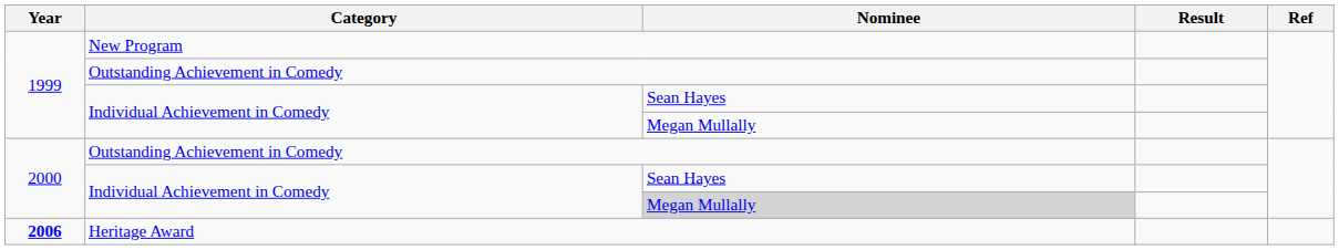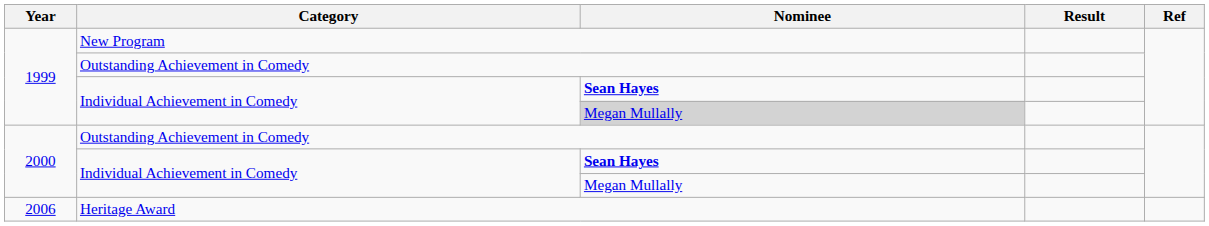 <table class="wikitable" style="width:100%;">
 <tr>
 <th style="width:6%;">Year</th>
 <th style="width:42%;">Category</th>
 <th style="width:37%;">Nominee</th>
 <th style="width:10%;">Result</th>
 <th style="width:5%;">Ref</th>
 </tr>
 <tr>
 <td rowspan="4" style="text-align:center;"><a href='#'>1999</a></td>
 <td colspan="2"><a href='#'>New Program</a></td>
 <td></td>
 <td rowspan="4" style="text-align:center;"></td>
 </tr>
 <tr>
 <td colspan="2"><a href='#'>Outstanding Achievement in Comedy</a></td>
 <td></td>
 </tr>
 <tr>
 <td rowspan="2"><a href='#'>Individual Achievement in Comedy</a></td>
-<td><a href='#'>Sean Hayes</a></td>
+<td><strong><a href='#'>Sean Hayes</a></strong></td>
 <td></td>
 </tr>
 <tr>
-<td><a href='#'>Megan Mullally</a></td>
+<td style="background: lightgrey;"><a href='#'>Megan Mullally</a></td>
 <td></td>
 </tr>
 <tr>
 <td rowspan="3" style="text-align:center;"><a href='#'>2000</a></td>
 <td colspan="2"><a href='#'>Outstanding Achievement in Comedy</a></td>
 <td></td>
 <td rowspan="3" style="text-align:center;"></td>
 </tr>
 <tr>
 <td rowspan="2"><a href='#'>Individual Achievement in Comedy</a></td>
-<td><a href='#'>Sean Hayes</a></td>
+<td><strong><a href='#'>Sean Hayes</a></strong></td>
 <td></td>
 </tr>
 <tr>
-<td style="background: lightgrey;"><a href='#'>Megan Mullally</a></td>
+<td><a href='#'>Megan Mullally</a></td>
 <td></td>
 </tr>
 <tr>
-<td style="text-align:center;"><strong><a href='#'>2006</a></strong></td>
+<td style="text-align:center;"><a href='#'>2006</a></td>
 <td colspan="2"><a href='#'>Heritage Award</a></td>
 <td></td>
 <td style="text-align:center;"></td>
 </tr>
 </table>
